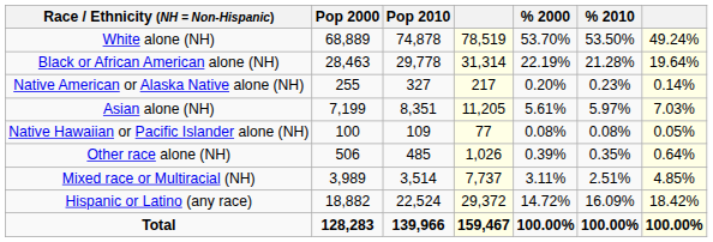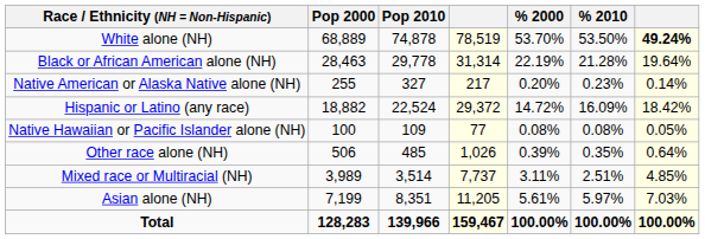 <table class="wikitable" style="text-align:center;">
 <tr>
 <th>Race / Ethnicity <small>(<em>NH = Non-Hispanic</em>)</small></th>
 <th>Pop 2000</th>
 <th>Pop 2010</th>
 <th></th>
 <th>% 2000</th>
 <th>% 2010</th>
 <th></th>
 </tr>
 <tr>
 <td><a href='#'>White</a> alone (NH)</td>
 <td>68,889</td>
 <td>74,878</td>
 <td style='background: #ffffe6;'>78,519</td>
 <td>53.70%</td>
 <td>53.50%</td>
-<td style='background: #ffffe6;'>49.24%</td>
+<td style='background: #ffffe6;'><strong>49.24%</strong></td>
 </tr>
 <tr>
 <td><a href='#'>Black or African American</a> alone (NH)</td>
 <td>28,463</td>
 <td>29,778</td>
 <td style='background: #ffffe6;'>31,314</td>
 <td>22.19%</td>
 <td>21.28%</td>
 <td style='background: #ffffe6;'>19.64%</td>
 </tr>
 <tr>
 <td><a href='#'>Native American</a> or <a href='#'>Alaska Native</a> alone (NH)</td>
 <td>255</td>
 <td>327</td>
 <td style='background: #ffffe6;'>217</td>
 <td>0.20%</td>
 <td>0.23%</td>
 <td style='background: #ffffe6;'>0.14%</td>
 </tr>
 <tr>
-<td><a href='#'>Asian</a> alone (NH)</td>
-<td>7,199</td>
-<td>8,351</td>
-<td style='background: #ffffe6;'>11,205</td>
-<td>5.61%</td>
-<td>5.97%</td>
-<td style='background: #ffffe6;'>7.03%</td>
+<td><a href='#'>Hispanic or Latino</a> (any race)</td>
+<td>18,882</td>
+<td>22,524</td>
+<td style='background: #ffffe6;'>29,372</td>
+<td>14.72%</td>
+<td>16.09%</td>
+<td style='background: #ffffe6;'>18.42%</td>
 </tr>
 <tr>
 <td><a href='#'>Native Hawaiian</a> or <a href='#'>Pacific Islander</a> alone (NH)</td>
 <td>100</td>
 <td>109</td>
 <td style='background: #ffffe6;'>77</td>
 <td>0.08%</td>
 <td>0.08%</td>
 <td style='background: #ffffe6;'>0.05%</td>
 </tr>
 <tr>
 <td><a href='#'>Other race</a> alone (NH)</td>
 <td>506</td>
 <td>485</td>
 <td style='background: #ffffe6;'>1,026</td>
 <td>0.39%</td>
 <td>0.35%</td>
 <td style='background: #ffffe6;'>0.64%</td>
 </tr>
 <tr>
 <td><a href='#'>Mixed race or Multiracial</a> (NH)</td>
 <td>3,989</td>
 <td>3,514</td>
 <td style='background: #ffffe6;'>7,737</td>
 <td>3.11%</td>
 <td>2.51%</td>
 <td style='background: #ffffe6;'>4.85%</td>
 </tr>
 <tr>
-<td><a href='#'>Hispanic or Latino</a> (any race)</td>
-<td>18,882</td>
-<td>22,524</td>
-<td style='background: #ffffe6;'>29,372</td>
-<td>14.72%</td>
-<td>16.09%</td>
-<td style='background: #ffffe6;'>18.42%</td>
+<td><a href='#'>Asian</a> alone (NH)</td>
+<td>7,199</td>
+<td>8,351</td>
+<td style='background: #ffffe6;'>11,205</td>
+<td>5.61%</td>
+<td>5.97%</td>
+<td style='background: #ffffe6;'>7.03%</td>
 </tr>
 <tr>
 <td><strong>Total</strong></td>
 <td><strong>128,283</strong></td>
 <td><strong>139,966</strong></td>
 <td style='background: #ffffe6;'><strong>159,467</strong></td>
 <td><strong>100.00%</strong></td>
 <td><strong>100.00%</strong></td>
 <td style='background: #ffffe6;'><strong>100.00%</strong></td>
 </tr>
 </table>
